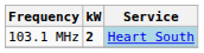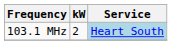 <table class="wikitable sortable">
 <tr>
 <th>Frequency</th>
 <th>kW</th>
 <th>Service</th>
 </tr>
 <tr>
 <td>103.1 MHz</td>
-<td><strong>2</strong></td>
+<td>2</td>
 <td style="background: lightblue;"><a href='#'>Heart South</a></td>
 </tr>
 <tr>
 </tr>
 </table>
